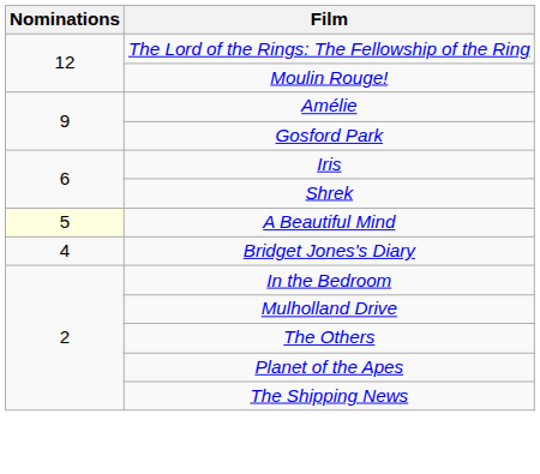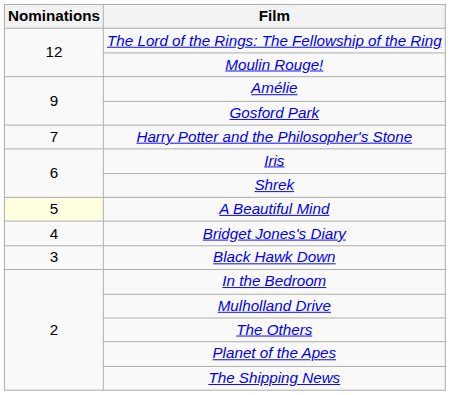 <table class="wikitable" style="text-align:center;">
 <tr>
 <th style="background:">Nominations</th>
 <th style="background:">Film</th>
 </tr>
 <tr>
 <td rowspan="2">12</td>
 <td><em><a href='#'>The Lord of the Rings: The Fellowship of the Ring</a></em></td>
 </tr>
 <tr>
 <td><em><a href='#'>Moulin Rouge!</a></em></td>
 </tr>
 <tr>
 <td rowspan="2">9</td>
 <td><em><a href='#'>Amélie</a></em></td>
 </tr>
 <tr>
 <td><em><a href='#'>Gosford Park</a></em></td>
 </tr>
 <tr>
+<td>7</td>
+<td><em><a href='#'>Harry Potter and the Philosopher's Stone</a></em></td>
+</tr>
+<tr>
 <td rowspan="2">6</td>
 <td><em><a href='#'>Iris</a></em></td>
 </tr>
 <tr>
 <td><em><a href='#'>Shrek</a></em></td>
 </tr>
 <tr>
 <td style="background: lightyellow;">5</td>
 <td><em><a href='#'>A Beautiful Mind</a></em></td>
 </tr>
 <tr>
 <td>4</td>
 <td><em><a href='#'>Bridget Jones's Diary</a></em></td>
+</tr>
+<tr>
+<td>3</td>
+<td><em><a href='#'>Black Hawk Down</a></em></td>
 </tr>
 <tr>
 <td rowspan="5">2</td>
 <td><em><a href='#'>In the Bedroom</a></em></td>
 </tr>
 <tr>
 <td><em><a href='#'>Mulholland Drive</a></em></td>
 </tr>
 <tr>
 <td><em><a href='#'>The Others</a></em></td>
 </tr>
 <tr>
 <td><em><a href='#'>Planet of the Apes</a></em></td>
 </tr>
 <tr>
 <td><em><a href='#'>The Shipping News</a></em></td>
 </tr>
 </table>
